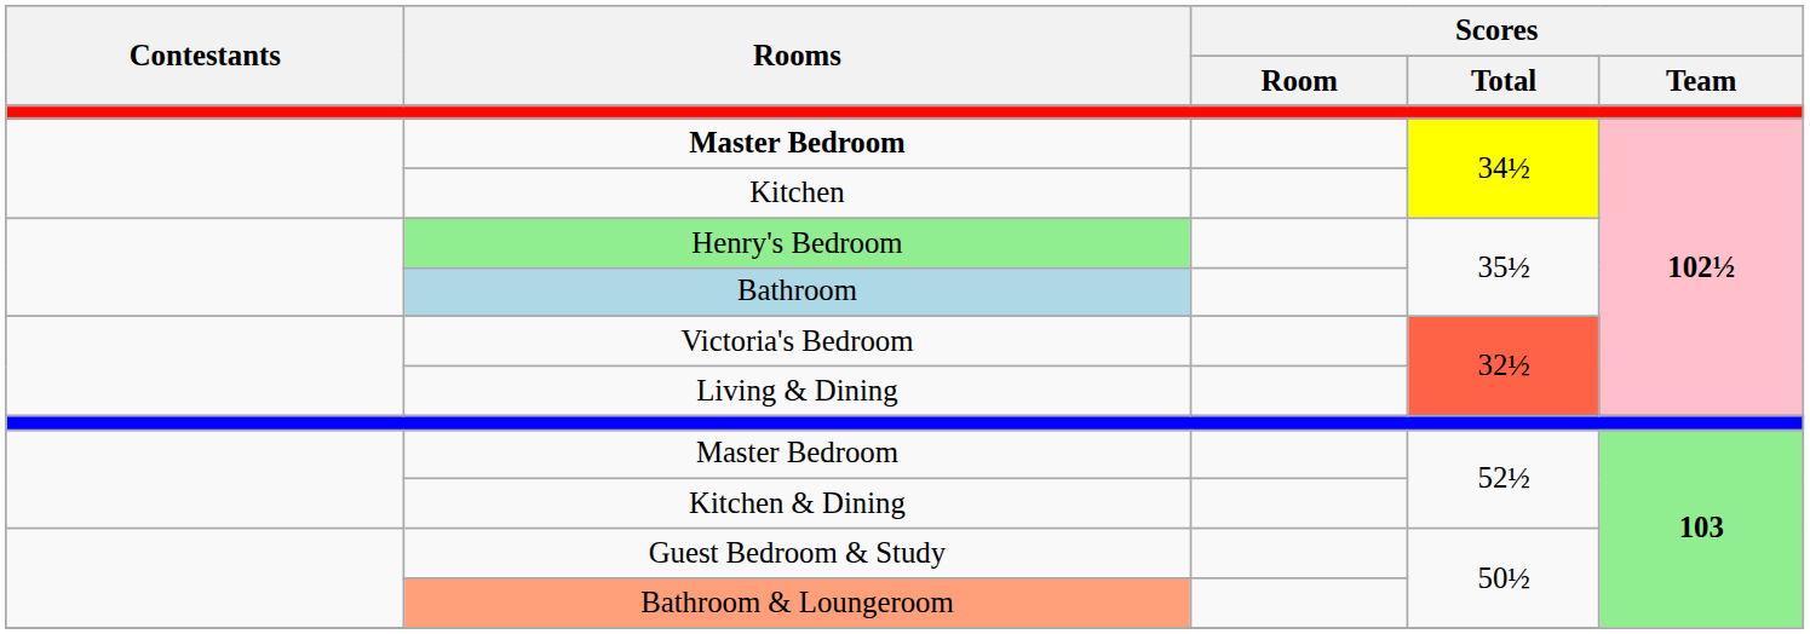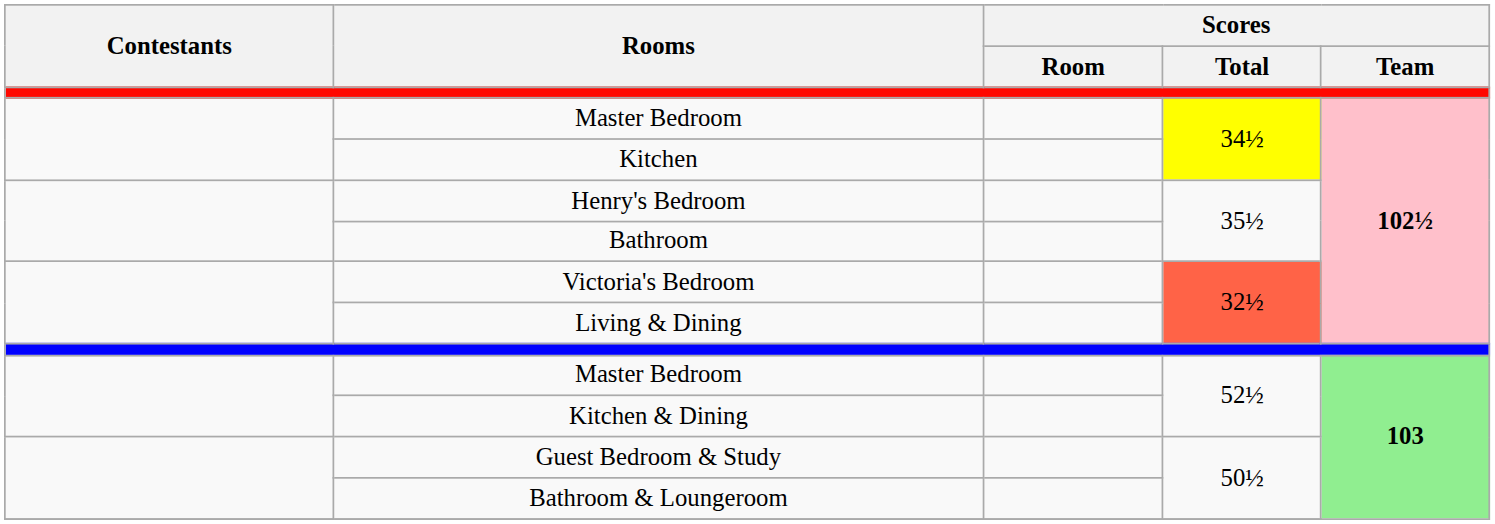 <table class="wikitable plainrowheaders" style="text-align:center; font-size:90%; width:60em;">
 <tr>
 <th rowspan="2">Contestants</th>
 <th rowspan="2">Rooms</th>
 <th colspan="3">Scores</th>
 </tr>
 <tr>
 <th>Room</th>
 <th>Total</th>
 <th>Team</th>
 </tr>
 <tr>
 <td colspan="6" style="background:#FF0800; color:white;"> </td>
 </tr>
 <tr>
 <td rowspan="2"></td>
-<td><strong>Master Bedroom</strong></td>
+<td>Master Bedroom</td>
 <td></td>
 <td rowspan="2" style="background:#FFFF00">34½</td>
 <th rowspan="6" style="background:#FFC0CB">102½</th>
 </tr>
 <tr>
 <td>Kitchen</td>
 <td></td>
 </tr>
 <tr>
 <td rowspan="2"></td>
-<td style="background: lightgreen;">Henry's Bedroom</td>
+<td>Henry's Bedroom</td>
 <td></td>
 <td rowspan="2">35½</td>
 </tr>
 <tr>
-<td style="background: lightblue;">Bathroom</td>
+<td>Bathroom</td>
 <td></td>
 </tr>
 <tr>
 <td rowspan="2"></td>
 <td>Victoria's Bedroom</td>
 <td></td>
 <td rowspan="2" style="background:tomato">32½</td>
 </tr>
 <tr>
 <td>Living & Dining</td>
 <td></td>
 </tr>
 <tr>
 <td colspan="6" style="background:blue; color:white;"> </td>
 </tr>
 <tr>
 <td rowspan="2"></td>
 <td>Master Bedroom</td>
 <td></td>
 <td rowspan="2">52½</td>
 <th rowspan="6" style="background:#90EE90">103</th>
 </tr>
 <tr>
 <td>Kitchen & Dining</td>
 <td></td>
 </tr>
 <tr>
 <td rowspan="2"></td>
 <td>Guest Bedroom & Study</td>
 <td></td>
 <td rowspan="2">50½</td>
 </tr>
 <tr>
-<td style="background: lightsalmon;">Bathroom & Loungeroom</td>
+<td>Bathroom & Loungeroom</td>
 <td></td>
 </tr>
 <tr>
 </tr>
 </table>
